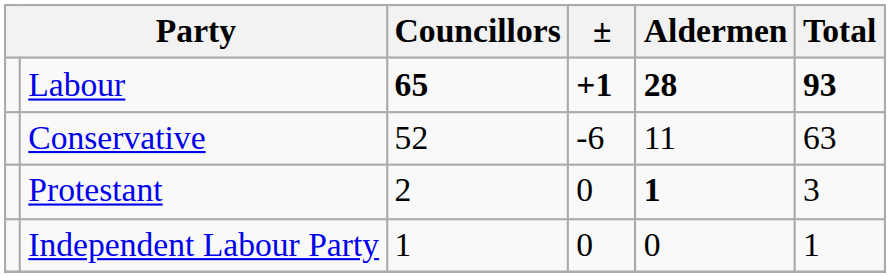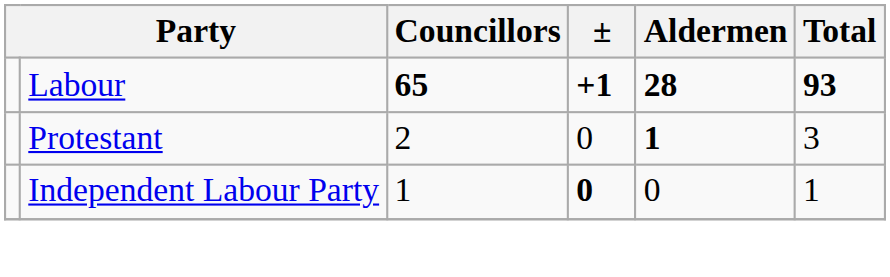 <table class="wikitable">
 <tr>
 <th colspan="2">Party</th>
 <th>Councillors</th>
 <th>  ±  </th>
 <th>Aldermen</th>
 <th>Total</th>
 </tr>
 <tr>
 <td style="background-color: "></td>
 <td><a href='#'>Labour</a></td>
 <td><strong>65</strong></td>
 <td><strong>+1</strong></td>
 <td><strong>28</strong></td>
 <td><strong>93</strong></td>
 </tr>
 <tr>
 <td style="background-color: "></td>
-<td><a href='#'>Conservative</a></td>
-<td>52</td>
-<td>-6</td>
-<td>11</td>
-<td>63</td>
-</tr>
-<tr>
-<td style="background-color: "></td>
 <td><a href='#'>Protestant</a></td>
 <td>2</td>
 <td>0</td>
 <td><strong>1</strong></td>
 <td>3</td>
 </tr>
 <tr>
 <td style="background-color: "></td>
 <td><a href='#'>Independent Labour Party</a></td>
 <td>1</td>
-<td>0</td>
+<td><strong>0</strong></td>
 <td>0</td>
 <td>1</td>
 </tr>
 <tr>
 </tr>
 </table>
